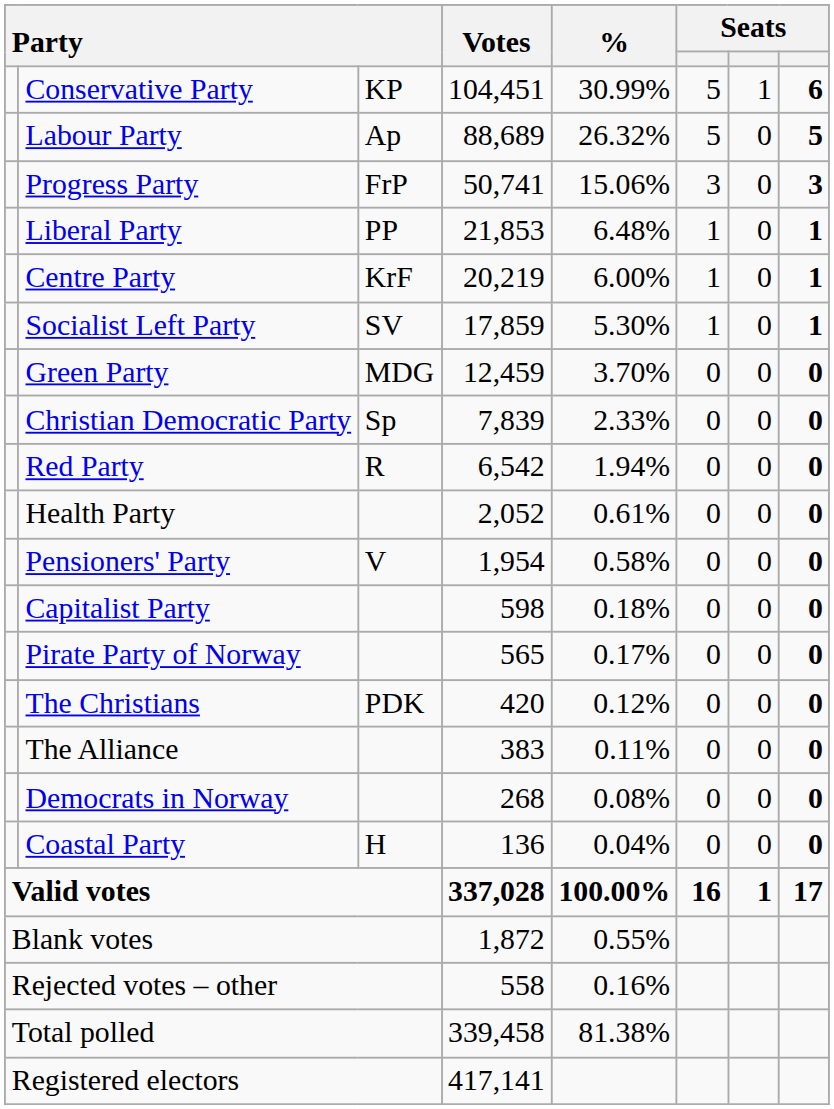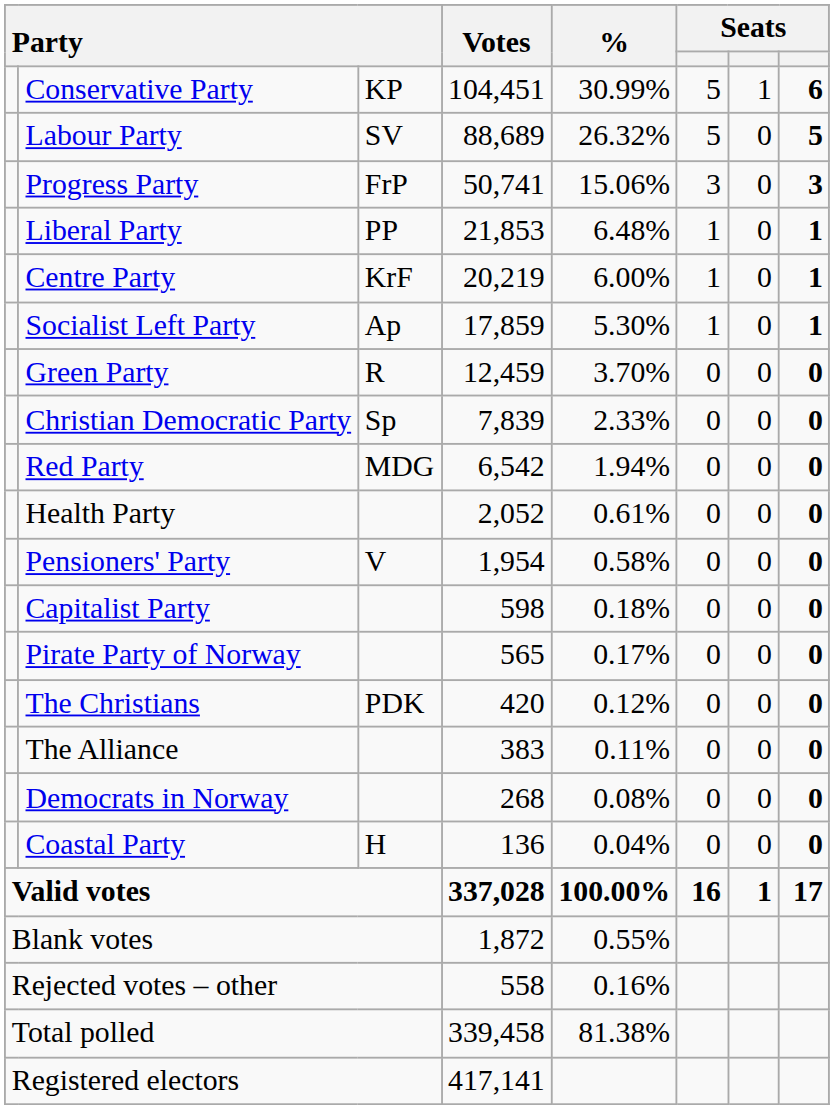 <table class="wikitable" border="1" style="text-align:right;">
 <tr>
 <th style="text-align:left;" valign=bottom rowspan=2 colspan=3>Party</th>
 <th align=center valign=bottom rowspan=2 width="50">Votes</th>
 <th align=center valign=bottom rowspan=2 width="50">%</th>
 <th colspan=3>Seats</th>
 </tr>
 <tr>
 <th align=center valign=bottom width="20"><small></small></th>
 <th align=center valign=bottom width="20"><small><a href='#'></a></small></th>
 <th align=center valign=bottom width="20"><small></small></th>
 </tr>
 <tr>
 <td style="color:inherit;background:"></td>
 <td align=left><a href='#'>Conservative Party</a></td>
 <td align=left>KP</td>
 <td>104,451</td>
 <td>30.99%</td>
 <td>5</td>
 <td>1</td>
 <td><strong>6</strong></td>
 </tr>
 <tr>
 <td style="color:inherit;background:"></td>
 <td align=left><a href='#'>Labour Party</a></td>
-<td align=left>Ap</td>
+<td align=left>SV</td>
 <td>88,689</td>
 <td>26.32%</td>
 <td>5</td>
 <td>0</td>
 <td><strong>5</strong></td>
 </tr>
 <tr>
 <td style="color:inherit;background:"></td>
 <td align=left><a href='#'>Progress Party</a></td>
 <td align=left>FrP</td>
 <td>50,741</td>
 <td>15.06%</td>
 <td>3</td>
 <td>0</td>
 <td><strong>3</strong></td>
 </tr>
 <tr>
 <td style="color:inherit;background:"></td>
 <td align=left><a href='#'>Liberal Party</a></td>
 <td align=left>PP</td>
 <td>21,853</td>
 <td>6.48%</td>
 <td>1</td>
 <td>0</td>
 <td><strong>1</strong></td>
 </tr>
 <tr>
 <td style="color:inherit;background:"></td>
 <td align=left><a href='#'>Centre Party</a></td>
 <td align=left>KrF</td>
 <td>20,219</td>
 <td>6.00%</td>
 <td>1</td>
 <td>0</td>
 <td><strong>1</strong></td>
 </tr>
 <tr>
 <td style="color:inherit;background:"></td>
 <td align=left><a href='#'>Socialist Left Party</a></td>
-<td align=left>SV</td>
+<td align=left>Ap</td>
 <td>17,859</td>
 <td>5.30%</td>
 <td>1</td>
 <td>0</td>
 <td><strong>1</strong></td>
 </tr>
 <tr>
 <td style="color:inherit;background:"></td>
 <td align=left><a href='#'>Green Party</a></td>
-<td align=left>MDG</td>
+<td align=left>R</td>
 <td>12,459</td>
 <td>3.70%</td>
 <td>0</td>
 <td>0</td>
 <td><strong>0</strong></td>
 </tr>
 <tr>
 <td style="color:inherit;background:"></td>
 <td align=left><a href='#'>Christian Democratic Party</a></td>
 <td align=left>Sp</td>
 <td>7,839</td>
 <td>2.33%</td>
 <td>0</td>
 <td>0</td>
 <td><strong>0</strong></td>
 </tr>
 <tr>
 <td style="color:inherit;background:"></td>
 <td align=left><a href='#'>Red Party</a></td>
-<td align=left>R</td>
+<td align=left>MDG</td>
 <td>6,542</td>
 <td>1.94%</td>
 <td>0</td>
 <td>0</td>
 <td><strong>0</strong></td>
 </tr>
 <tr>
 <td></td>
 <td align=left>Health Party</td>
 <td align=left></td>
 <td>2,052</td>
 <td>0.61%</td>
 <td>0</td>
 <td>0</td>
 <td><strong>0</strong></td>
 </tr>
 <tr>
 <td style="color:inherit;background:"></td>
 <td align=left><a href='#'>Pensioners' Party</a></td>
 <td align=left>V</td>
 <td>1,954</td>
 <td>0.58%</td>
 <td>0</td>
 <td>0</td>
 <td><strong>0</strong></td>
 </tr>
 <tr>
 <td style="color:inherit;background:"></td>
 <td align=left><a href='#'>Capitalist Party</a></td>
 <td align=left></td>
 <td>598</td>
 <td>0.18%</td>
 <td>0</td>
 <td>0</td>
 <td><strong>0</strong></td>
 </tr>
 <tr>
 <td style="color:inherit;background:"></td>
 <td align=left><a href='#'>Pirate Party of Norway</a></td>
 <td align=left></td>
 <td>565</td>
 <td>0.17%</td>
 <td>0</td>
 <td>0</td>
 <td><strong>0</strong></td>
 </tr>
 <tr>
 <td style="color:inherit;background:"></td>
 <td align=left><a href='#'>The Christians</a></td>
 <td align=left>PDK</td>
 <td>420</td>
 <td>0.12%</td>
 <td>0</td>
 <td>0</td>
 <td><strong>0</strong></td>
 </tr>
 <tr>
 <td></td>
 <td align=left>The Alliance</td>
 <td align=left></td>
 <td>383</td>
 <td>0.11%</td>
 <td>0</td>
 <td>0</td>
 <td><strong>0</strong></td>
 </tr>
 <tr>
 <td style="color:inherit;background:"></td>
 <td align=left><a href='#'>Democrats in Norway</a></td>
 <td align=left></td>
 <td>268</td>
 <td>0.08%</td>
 <td>0</td>
 <td>0</td>
 <td><strong>0</strong></td>
 </tr>
 <tr>
 <td style="color:inherit;background:"></td>
 <td align=left><a href='#'>Coastal Party</a></td>
 <td align=left>H</td>
 <td>136</td>
 <td>0.04%</td>
 <td>0</td>
 <td>0</td>
 <td><strong>0</strong></td>
 </tr>
 <tr style="font-weight:bold">
 <td align=left colspan=3>Valid votes</td>
 <td>337,028</td>
 <td>100.00%</td>
 <td>16</td>
 <td>1</td>
 <td>17</td>
 </tr>
 <tr>
 <td align=left colspan=3>Blank votes</td>
 <td>1,872</td>
 <td>0.55%</td>
 <td></td>
 <td></td>
 <td></td>
 </tr>
 <tr>
 <td align=left colspan=3>Rejected votes – other</td>
 <td>558</td>
 <td>0.16%</td>
 <td></td>
 <td></td>
 <td></td>
 </tr>
 <tr>
 <td align=left colspan=3>Total polled</td>
 <td>339,458</td>
 <td>81.38%</td>
 <td></td>
 <td></td>
 <td></td>
 </tr>
 <tr>
 <td align=left colspan=3>Registered electors</td>
 <td>417,141</td>
 <td></td>
 <td></td>
 <td></td>
 <td></td>
 </tr>
 </table>
